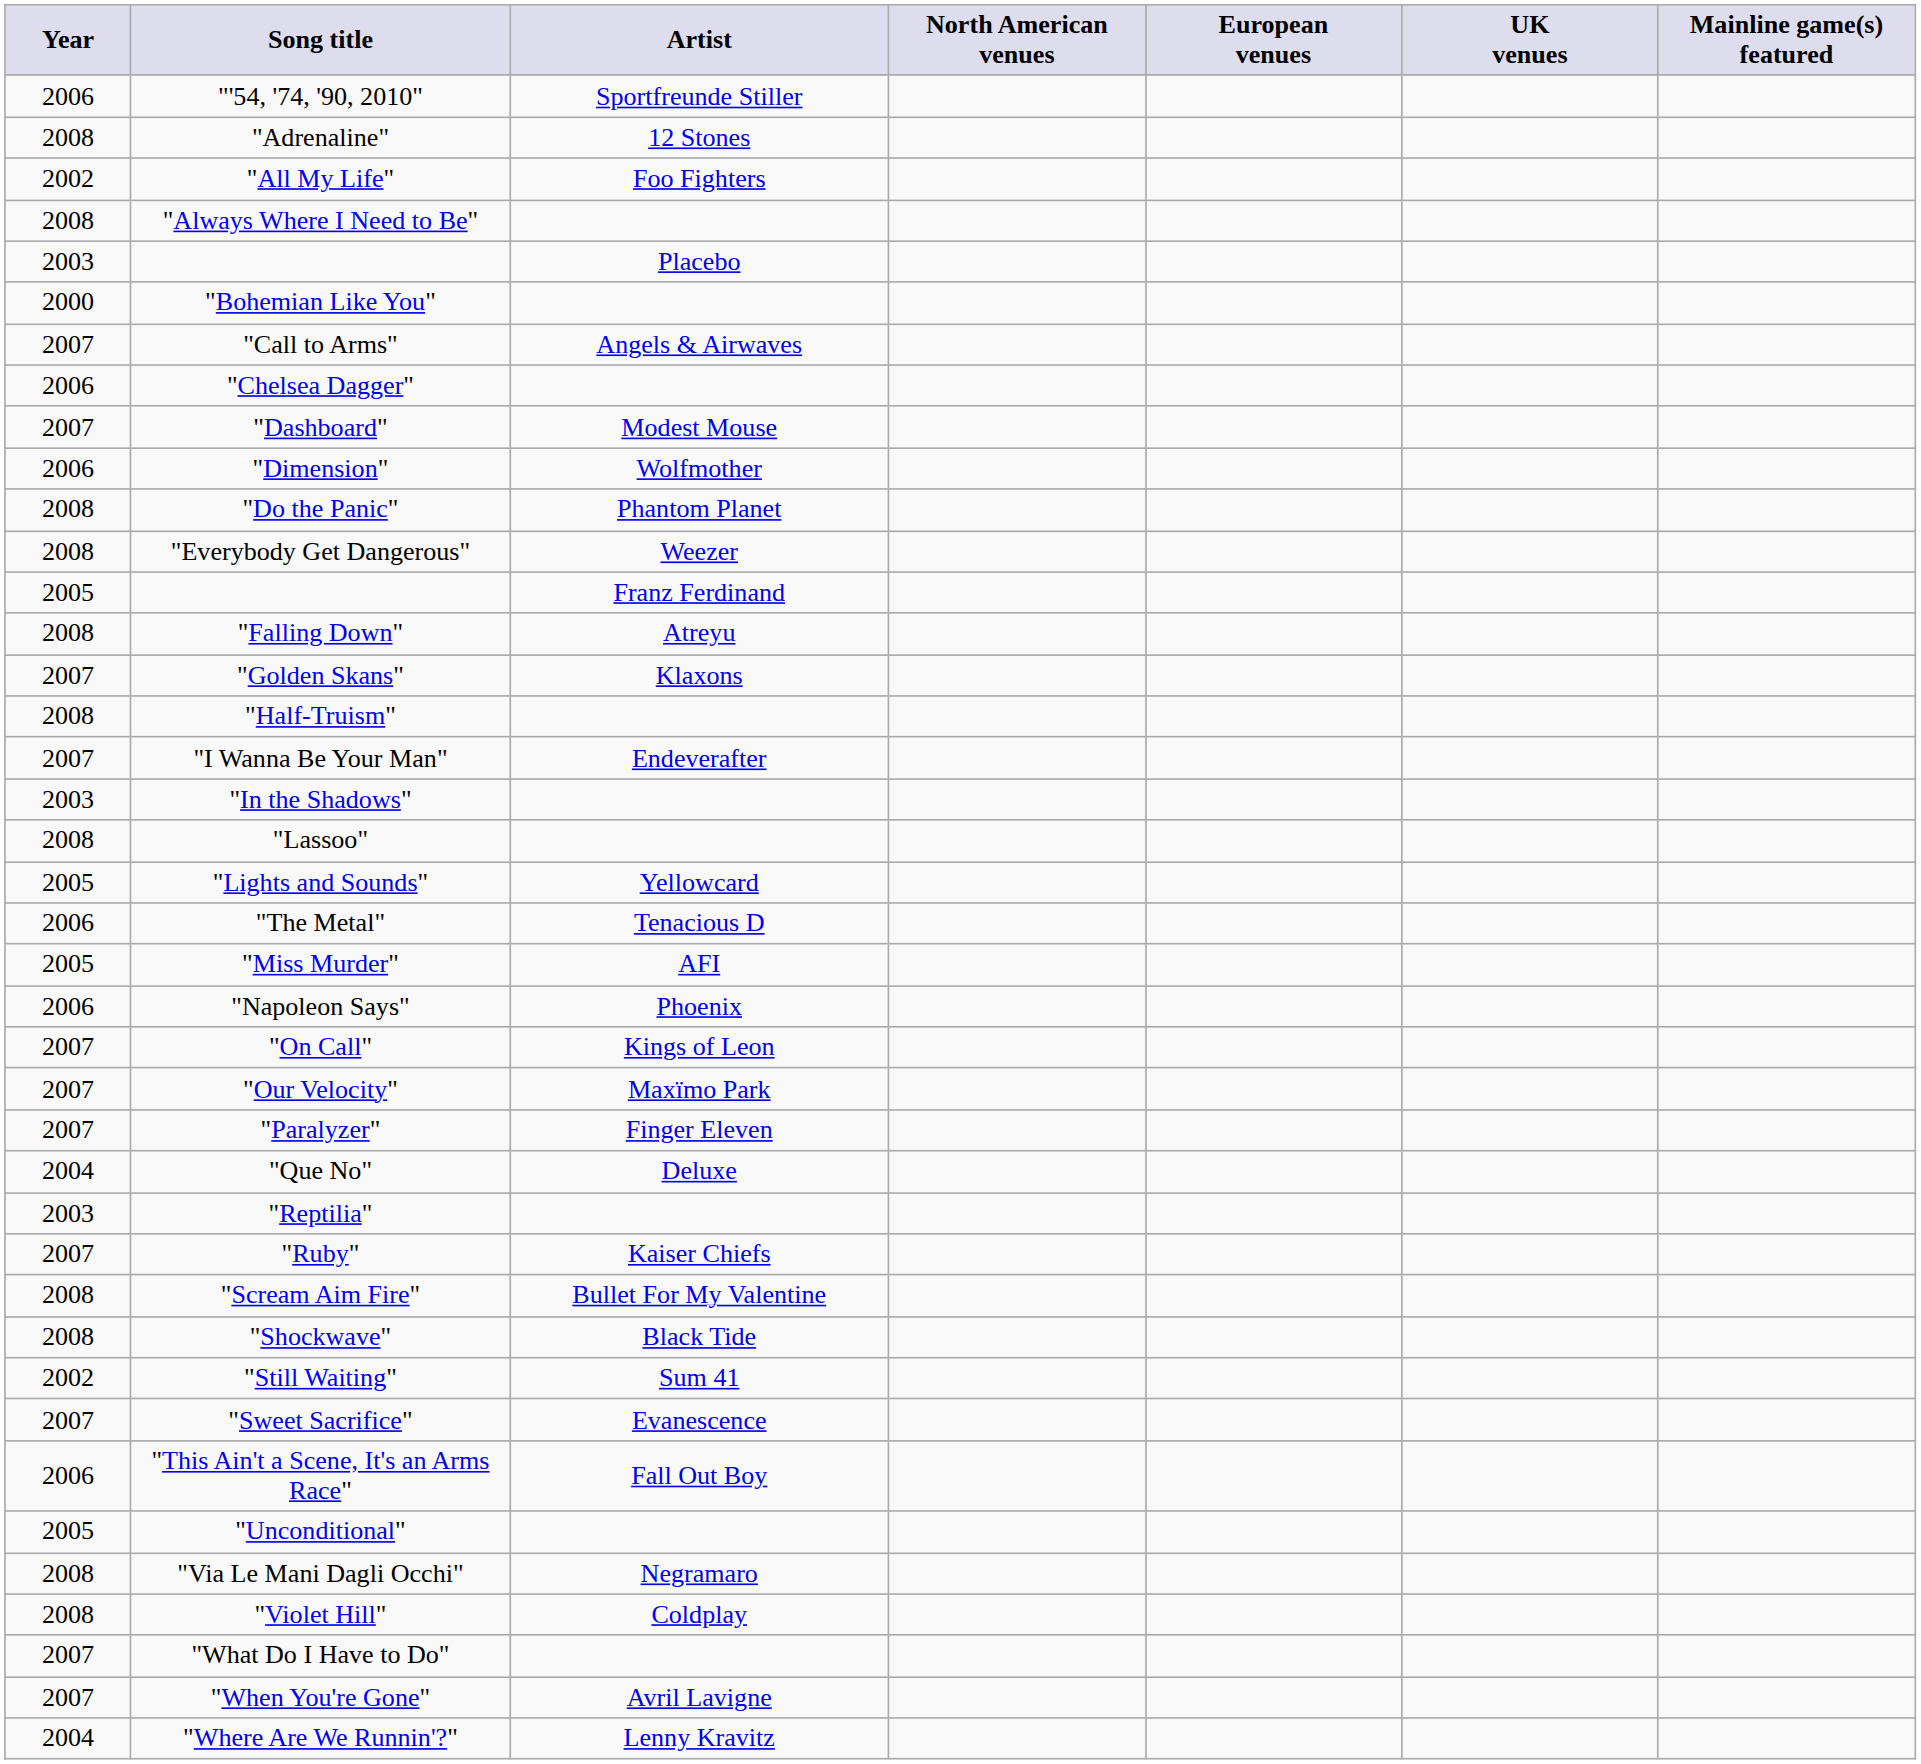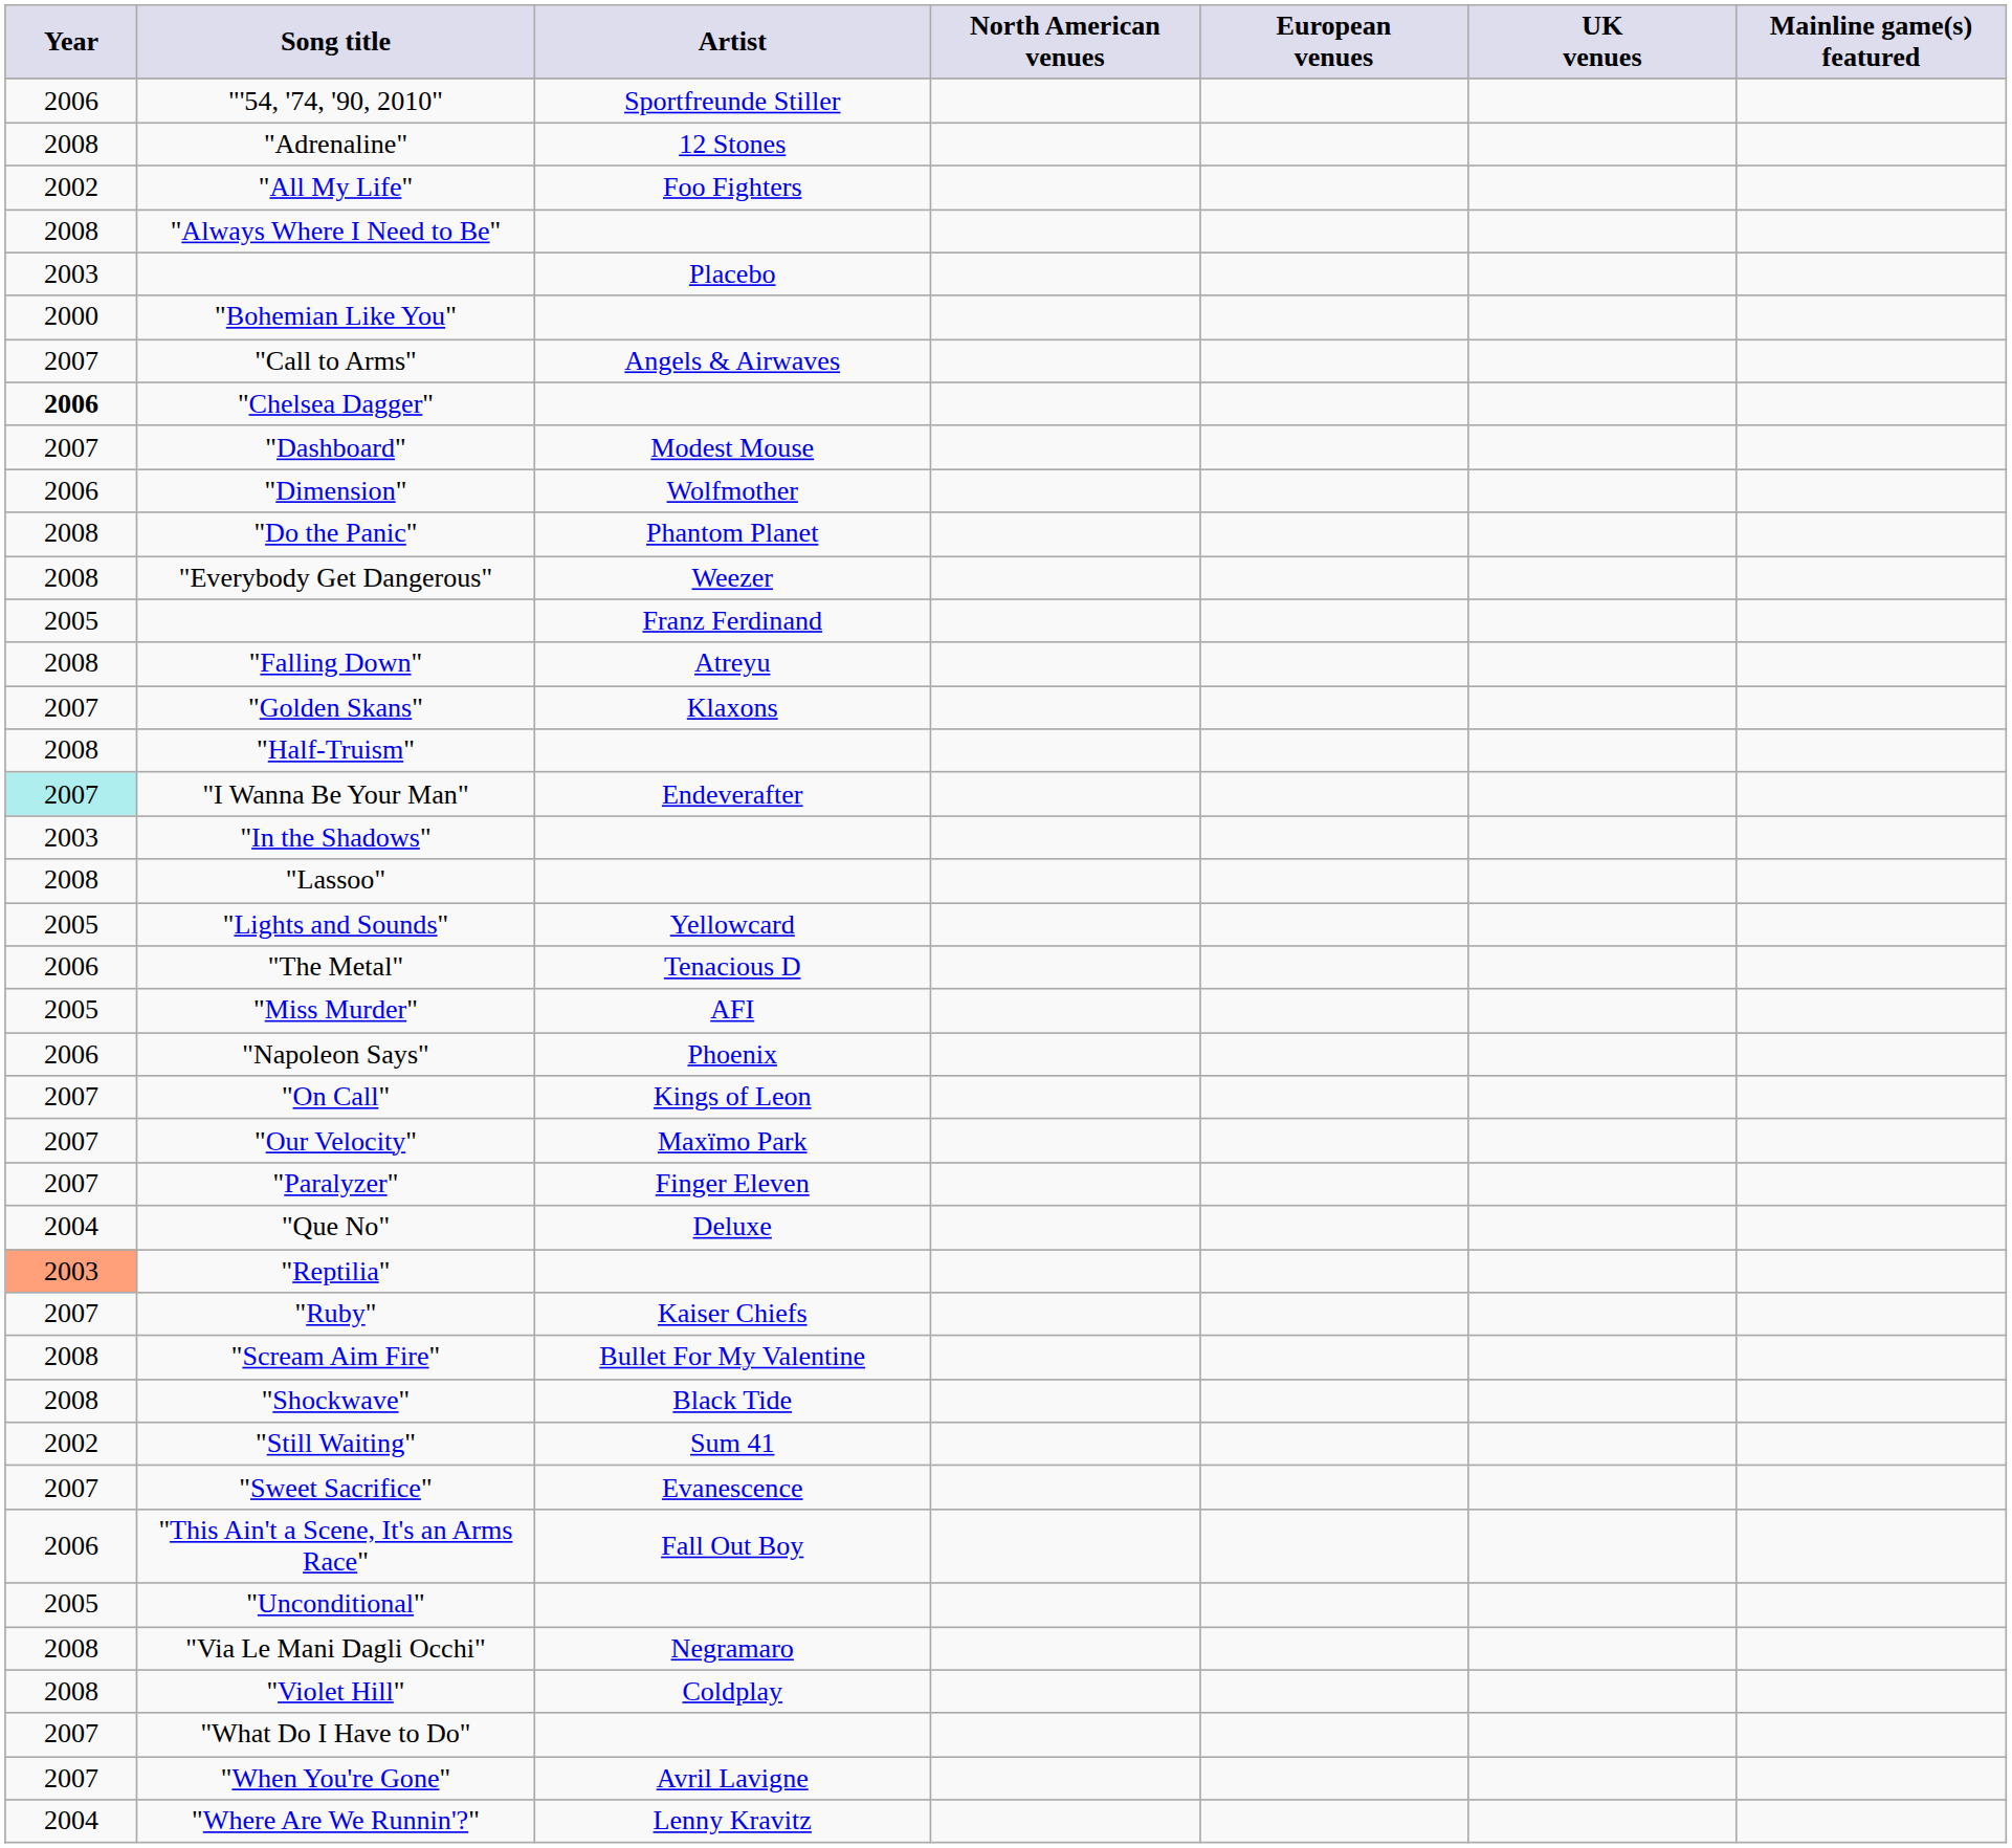 <table class="wikitable sortable" style="text-align:center; margin: 5px;">
 <tr>
 <th style="background:#ddddee;" width=70>Year</th>
 <th style="background:#ddddee;" width=225>Song title</th>
 <th style="background:#ddddee;" width=225>Artist</th>
 <th style="background:#ddddee;" width=150>North American<br>venues</th>
 <th style="background:#ddddee;" width=150>European<br>venues</th>
 <th style="background:#ddddee;" width=150>UK<br>venues</th>
 <th style="background:#ddddee;" width=150>Mainline game(s) featured</th>
 </tr>
 <tr>
 <td>2006</td>
 <td>"'54, '74, '90, 2010"</td>
 <td><a href='#'>Sportfreunde Stiller</a></td>
 <td></td>
 <td></td>
 <td></td>
 <td></td>
 </tr>
 <tr>
 <td>2008</td>
 <td>"Adrenaline"</td>
 <td><a href='#'>12 Stones</a></td>
 <td></td>
 <td></td>
 <td></td>
 <td></td>
 </tr>
 <tr>
 <td>2002</td>
 <td>"<a href='#'>All My Life</a>"</td>
 <td><a href='#'>Foo Fighters</a></td>
 <td></td>
 <td></td>
 <td></td>
 <td></td>
 </tr>
 <tr>
 <td>2008</td>
 <td>"<a href='#'>Always Where I Need to Be</a>"</td>
 <td></td>
 <td></td>
 <td></td>
 <td></td>
 <td></td>
 </tr>
 <tr>
 <td>2003</td>
 <td></td>
 <td><a href='#'>Placebo</a></td>
 <td></td>
 <td></td>
 <td></td>
 <td></td>
 </tr>
 <tr>
 <td>2000</td>
 <td>"<a href='#'>Bohemian Like You</a>"</td>
 <td></td>
 <td></td>
 <td></td>
 <td></td>
 <td></td>
 </tr>
 <tr>
 <td>2007</td>
 <td>"Call to Arms"</td>
 <td><a href='#'>Angels & Airwaves</a></td>
 <td></td>
 <td></td>
 <td></td>
 <td></td>
 </tr>
 <tr>
-<td>2006</td>
+<td><strong>2006</strong></td>
 <td>"<a href='#'>Chelsea Dagger</a>"</td>
 <td></td>
 <td></td>
 <td></td>
 <td></td>
 <td></td>
 </tr>
 <tr>
 <td>2007</td>
 <td>"<a href='#'>Dashboard</a>"</td>
 <td><a href='#'>Modest Mouse</a></td>
 <td></td>
 <td></td>
 <td></td>
 <td></td>
 </tr>
 <tr>
 <td>2006</td>
 <td>"<a href='#'>Dimension</a>"</td>
 <td><a href='#'>Wolfmother</a></td>
 <td></td>
 <td></td>
 <td></td>
 <td></td>
 </tr>
 <tr>
 <td>2008</td>
 <td>"<a href='#'>Do the Panic</a>"</td>
 <td><a href='#'>Phantom Planet</a></td>
 <td></td>
 <td></td>
 <td></td>
 <td></td>
 </tr>
 <tr>
 <td>2008</td>
 <td>"Everybody Get Dangerous"</td>
 <td><a href='#'>Weezer</a></td>
 <td></td>
 <td></td>
 <td></td>
 <td></td>
 </tr>
 <tr>
 <td>2005</td>
 <td></td>
 <td><a href='#'>Franz Ferdinand</a></td>
 <td></td>
 <td></td>
 <td></td>
 <td></td>
 </tr>
 <tr>
 <td>2008</td>
 <td>"<a href='#'>Falling Down</a>"</td>
 <td><a href='#'>Atreyu</a></td>
 <td></td>
 <td></td>
 <td></td>
 <td></td>
 </tr>
 <tr>
 <td>2007</td>
 <td>"<a href='#'>Golden Skans</a>"</td>
 <td><a href='#'>Klaxons</a></td>
 <td></td>
 <td></td>
 <td></td>
 <td></td>
 </tr>
 <tr>
 <td>2008</td>
 <td>"<a href='#'>Half-Truism</a>"</td>
 <td></td>
 <td></td>
 <td></td>
 <td></td>
 <td></td>
 </tr>
 <tr>
-<td>2007</td>
+<td style="background: paleturquoise;">2007</td>
 <td>"I Wanna Be Your Man"</td>
 <td><a href='#'>Endeverafter</a></td>
 <td></td>
 <td></td>
 <td></td>
 <td></td>
 </tr>
 <tr>
 <td>2003</td>
 <td>"<a href='#'>In the Shadows</a>"</td>
 <td></td>
 <td></td>
 <td></td>
 <td></td>
 <td></td>
 </tr>
 <tr>
 <td>2008</td>
 <td>"Lassoo"</td>
 <td></td>
 <td></td>
 <td></td>
 <td></td>
 <td></td>
 </tr>
 <tr>
 <td>2005</td>
 <td>"<a href='#'>Lights and Sounds</a>"</td>
 <td><a href='#'>Yellowcard</a></td>
 <td></td>
 <td></td>
 <td></td>
 <td></td>
 </tr>
 <tr>
 <td>2006</td>
 <td>"The Metal"</td>
 <td><a href='#'>Tenacious D</a></td>
 <td></td>
 <td></td>
 <td></td>
 <td></td>
 </tr>
 <tr>
 <td>2005</td>
 <td>"<a href='#'>Miss Murder</a>"</td>
 <td><a href='#'>AFI</a></td>
 <td></td>
 <td></td>
 <td></td>
 <td></td>
 </tr>
 <tr>
 <td>2006</td>
 <td>"Napoleon Says"</td>
 <td><a href='#'>Phoenix</a></td>
 <td></td>
 <td></td>
 <td></td>
 <td></td>
 </tr>
 <tr>
 <td>2007</td>
 <td>"<a href='#'>On Call</a>"</td>
 <td><a href='#'>Kings of Leon</a></td>
 <td></td>
 <td></td>
 <td></td>
 <td></td>
 </tr>
 <tr>
 <td>2007</td>
 <td>"<a href='#'>Our Velocity</a>"</td>
 <td><a href='#'>Maxïmo Park</a></td>
 <td></td>
 <td></td>
 <td></td>
 <td></td>
 </tr>
 <tr>
 <td>2007</td>
 <td>"<a href='#'>Paralyzer</a>"</td>
 <td><a href='#'>Finger Eleven</a></td>
 <td></td>
 <td></td>
 <td></td>
 <td></td>
 </tr>
 <tr>
 <td>2004</td>
 <td>"Que No"</td>
 <td><a href='#'>Deluxe</a></td>
 <td></td>
 <td></td>
 <td></td>
 <td></td>
 </tr>
 <tr>
-<td>2003</td>
+<td style="background: lightsalmon;">2003</td>
 <td>"<a href='#'>Reptilia</a>"</td>
 <td></td>
 <td></td>
 <td></td>
 <td></td>
 <td></td>
 </tr>
 <tr>
 <td>2007</td>
 <td>"<a href='#'>Ruby</a>"</td>
 <td><a href='#'>Kaiser Chiefs</a></td>
 <td></td>
 <td></td>
 <td></td>
 <td></td>
 </tr>
 <tr>
 <td>2008</td>
 <td>"<a href='#'>Scream Aim Fire</a>"</td>
 <td><a href='#'>Bullet For My Valentine</a></td>
 <td></td>
 <td></td>
 <td></td>
 <td></td>
 </tr>
 <tr>
 <td>2008</td>
 <td>"<a href='#'>Shockwave</a>"</td>
 <td><a href='#'>Black Tide</a></td>
 <td></td>
 <td></td>
 <td></td>
 <td></td>
 </tr>
 <tr>
 <td>2002</td>
 <td>"<a href='#'>Still Waiting</a>"</td>
 <td><a href='#'>Sum 41</a></td>
 <td></td>
 <td></td>
 <td></td>
 <td></td>
 </tr>
 <tr>
 <td>2007</td>
 <td>"<a href='#'>Sweet Sacrifice</a>"</td>
 <td><a href='#'>Evanescence</a></td>
 <td></td>
 <td></td>
 <td></td>
 <td></td>
 </tr>
 <tr>
 <td>2006</td>
 <td>"<a href='#'>This Ain't a Scene, It's an Arms Race</a>"</td>
 <td><a href='#'>Fall Out Boy</a></td>
 <td></td>
 <td></td>
 <td></td>
 <td></td>
 </tr>
 <tr>
 <td>2005</td>
 <td>"<a href='#'>Unconditional</a>"</td>
 <td></td>
 <td></td>
 <td></td>
 <td></td>
 <td></td>
 </tr>
 <tr>
 <td>2008</td>
 <td>"Via Le Mani Dagli Occhi"</td>
 <td><a href='#'>Negramaro</a></td>
 <td></td>
 <td></td>
 <td></td>
 <td></td>
 </tr>
 <tr>
 <td>2008</td>
 <td>"<a href='#'>Violet Hill</a>"</td>
 <td><a href='#'>Coldplay</a></td>
 <td></td>
 <td></td>
 <td></td>
 <td></td>
 </tr>
 <tr>
 <td>2007</td>
 <td>"What Do I Have to Do"</td>
 <td></td>
 <td></td>
 <td></td>
 <td></td>
 <td></td>
 </tr>
 <tr>
 <td>2007</td>
 <td>"<a href='#'>When You're Gone</a>"</td>
 <td><a href='#'>Avril Lavigne</a></td>
 <td></td>
 <td></td>
 <td></td>
 <td></td>
 </tr>
 <tr>
 <td>2004</td>
 <td>"<a href='#'>Where Are We Runnin'?</a>"</td>
 <td><a href='#'>Lenny Kravitz</a></td>
 <td></td>
 <td></td>
 <td></td>
 <td></td>
 </tr>
 </table>
